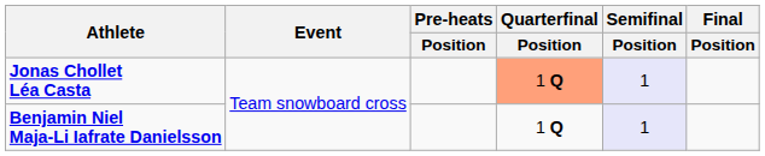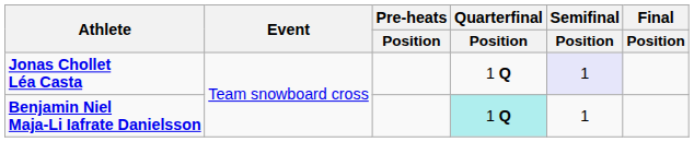 <table class="wikitable" style="font-size:90%">
 <tr>
 <th rowspan="2">Athlete</th>
 <th rowspan="2">Event</th>
 <th>Pre-heats</th>
 <th>Quarterfinal</th>
 <th>Semifinal</th>
 <th>Final</th>
 </tr>
 <tr style="font-size:95%">
 <th>Position</th>
 <th>Position</th>
 <th>Position</th>
 <th>Position</th>
 </tr>
 <tr align=center>
 <td align=left><strong><a href='#'>Jonas Chollet</a><br><a href='#'>Léa Casta</a></strong></td>
 <td align=left rowspan=2><a href='#'>Team snowboard cross</a></td>
 <td></td>
-<td style="background: lightsalmon;">1 <strong>Q</strong></td>
+<td>1 <strong>Q</strong></td>
 <td style="background: lavender;">1 <strong></strong></td>
 <td></td>
 </tr>
 <tr align=center>
 <td align=left><strong><a href='#'>Benjamin Niel</a><br><a href='#'>Maja-Li Iafrate Danielsson</a></strong></td>
 <td></td>
-<td>1 <strong>Q</strong></td>
-<td style="background: lavender;">1 <strong></strong></td>
+<td style="background: paleturquoise;">1 <strong>Q</strong></td>
+<td>1 <strong></strong></td>
 <td></td>
 </tr>
 </table>
